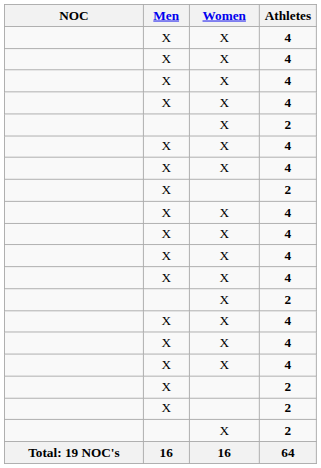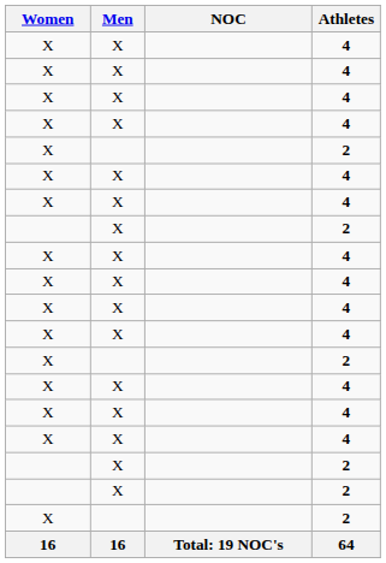 <table class="wikitable" width=340 style="text-align:center; font-size:90%">
 <tr>
+<th><a href='#'>Women</a></th>
+<th><a href='#'>Men</a></th>
 <th>NOC</th>
-<th><a href='#'>Men</a></th>
-<th><a href='#'>Women</a></th>
 <th width=55>Athletes</th>
 </tr>
 <tr>
-<td align=left></td>
 <td>X</td>
 <td>X</td>
+<td align=left></td>
 <td><strong>4</strong></td>
 </tr>
 <tr>
-<td align=left></td>
 <td>X</td>
 <td>X</td>
+<td align=left></td>
 <td><strong>4</strong></td>
 </tr>
 <tr>
-<td align=left></td>
 <td>X</td>
 <td>X</td>
+<td align=left></td>
 <td><strong>4</strong></td>
 </tr>
 <tr>
-<td align=left></td>
 <td>X</td>
 <td>X</td>
+<td align=left></td>
 <td><strong>4</strong></td>
 </tr>
 <tr>
+<td>X</td>
+<td></td>
 <td align=left></td>
-<td></td>
-<td>X</td>
 <td><strong>2</strong></td>
 </tr>
 <tr>
-<td align=left></td>
 <td>X</td>
 <td>X</td>
+<td align=left></td>
 <td><strong>4</strong></td>
 </tr>
 <tr>
-<td align=left></td>
 <td>X</td>
 <td>X</td>
+<td align=left></td>
 <td><strong>4</strong></td>
 </tr>
 <tr>
+<td></td>
+<td>X</td>
 <td align=left></td>
-<td>X</td>
-<td></td>
 <td><strong>2</strong></td>
 </tr>
 <tr>
-<td align=left></td>
 <td>X</td>
 <td>X</td>
+<td align=left></td>
 <td><strong>4</strong></td>
 </tr>
 <tr>
-<td align=left></td>
 <td>X</td>
 <td>X</td>
+<td align=left></td>
 <td><strong>4</strong></td>
 </tr>
 <tr>
-<td align=left></td>
 <td>X</td>
 <td>X</td>
+<td align=left></td>
 <td><strong>4</strong></td>
 </tr>
 <tr>
-<td align=left></td>
 <td>X</td>
 <td>X</td>
+<td align=left></td>
 <td><strong>4</strong></td>
 </tr>
 <tr>
+<td>X</td>
+<td></td>
 <td align=left></td>
-<td></td>
-<td>X</td>
 <td><strong>2</strong></td>
 </tr>
 <tr>
-<td align=left></td>
 <td>X</td>
 <td>X</td>
+<td align=left></td>
 <td><strong>4</strong></td>
 </tr>
 <tr>
-<td align=left></td>
 <td>X</td>
 <td>X</td>
+<td align=left></td>
 <td><strong>4</strong></td>
 </tr>
 <tr>
-<td align=left></td>
 <td>X</td>
 <td>X</td>
+<td align=left></td>
 <td><strong>4</strong></td>
 </tr>
 <tr>
+<td></td>
+<td>X</td>
 <td align=left></td>
-<td>X</td>
-<td></td>
 <td><strong>2</strong></td>
 </tr>
 <tr>
+<td></td>
+<td>X</td>
 <td align=left></td>
-<td>X</td>
-<td></td>
 <td><strong>2</strong></td>
 </tr>
 <tr>
+<td>X</td>
+<td></td>
 <td align=left></td>
-<td></td>
-<td>X</td>
 <td><strong>2</strong></td>
 </tr>
 <tr>
-<th>Total: 19 NOC's</th>
 <th>16</th>
 <th>16</th>
+<th>Total: 19 NOC's</th>
 <th>64</th>
 </tr>
 </table>
